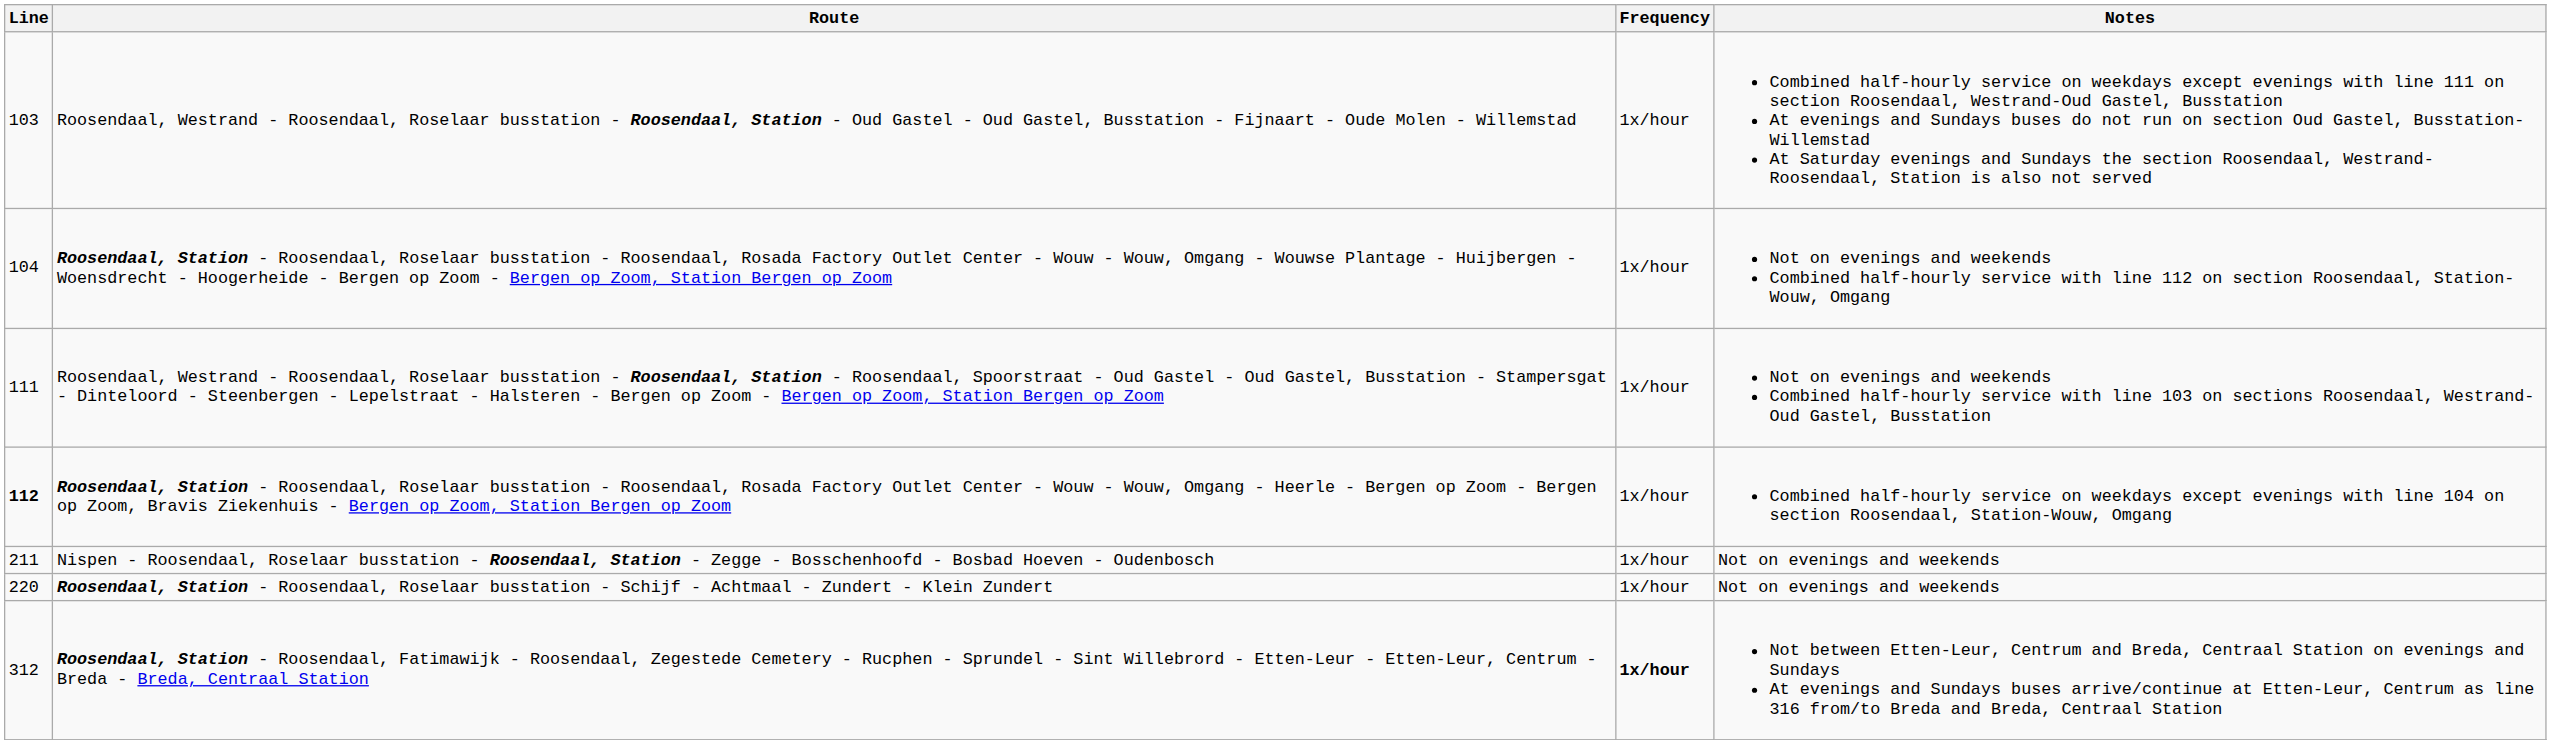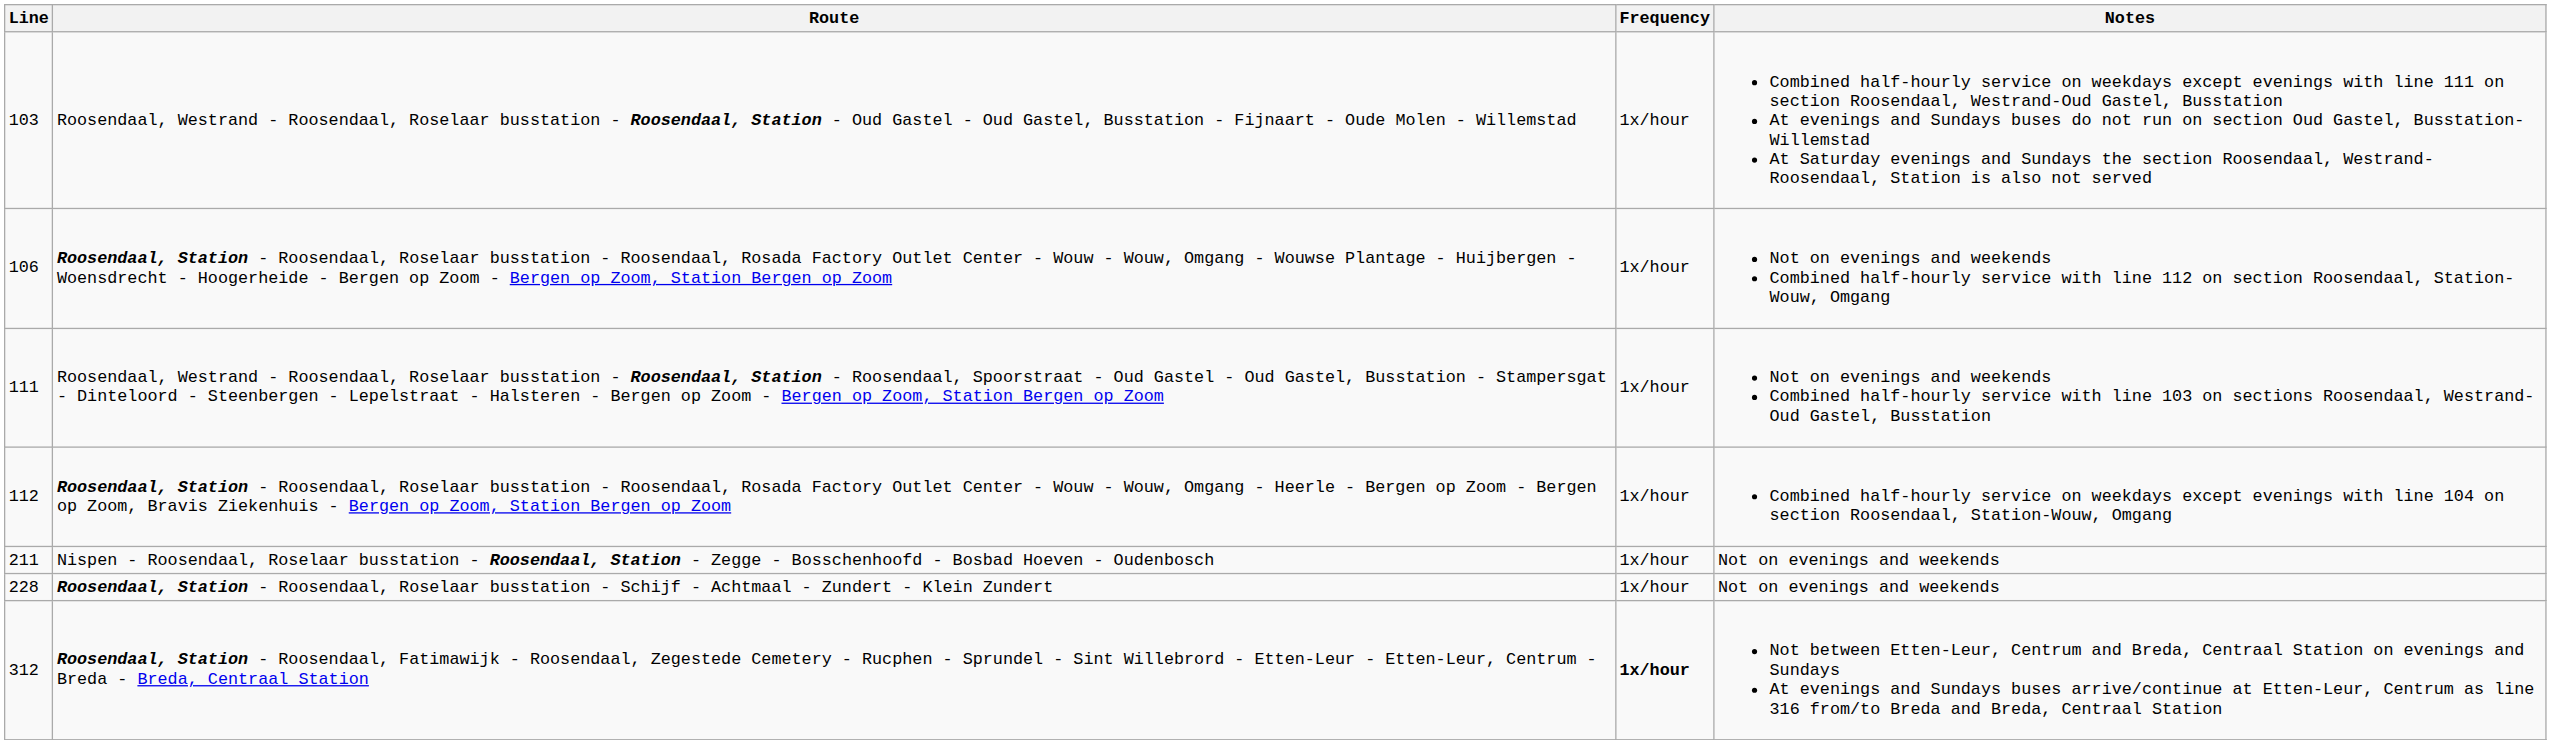 <table class="wikitable vatop">
 <tr>
 <th>Line</th>
 <th>Route</th>
 <th>Frequency</th>
 <th>Notes</th>
 </tr>
 <tr>
 <td>103</td>
 <td>Roosendaal, Westrand - Roosendaal, Roselaar busstation - <strong><em>Roosendaal, Station</em></strong> - Oud Gastel - Oud Gastel, Busstation - Fijnaart - Oude Molen - Willemstad</td>
 <td>1x/hour</td>
 <td><br><ul><li>Combined half-hourly service on weekdays except evenings with line 111 on section Roosendaal, Westrand-Oud Gastel, Busstation</li><li>At evenings and Sundays buses do not run on section Oud Gastel, Busstation-Willemstad</li><li>At Saturday evenings and Sundays the section Roosendaal, Westrand-Roosendaal, Station is also not served</li></ul></td>
 </tr>
 <tr>
-<td>104</td>
+<td>106</td>
 <td><strong><em>Roosendaal, Station</em></strong> - Roosendaal, Roselaar busstation - Roosendaal, Rosada Factory Outlet Center - Wouw - Wouw, Omgang - Wouwse Plantage - Huijbergen - Woensdrecht - Hoogerheide - Bergen op Zoom - <a href='#'>Bergen op Zoom, Station Bergen op Zoom</a></td>
 <td>1x/hour</td>
 <td><br><ul><li>Not on evenings and weekends</li><li>Combined half-hourly service with line 112 on section Roosendaal, Station-Wouw, Omgang</li></ul></td>
 </tr>
 <tr>
 <td>111</td>
 <td>Roosendaal, Westrand - Roosendaal, Roselaar busstation - <strong><em>Roosendaal, Station</em></strong> - Roosendaal, Spoorstraat - Oud Gastel - Oud Gastel, Busstation - Stampersgat - Dinteloord - Steenbergen - Lepelstraat - Halsteren - Bergen op Zoom - <a href='#'>Bergen op Zoom, Station Bergen op Zoom</a></td>
 <td>1x/hour</td>
 <td><br><ul><li>Not on evenings and weekends</li><li>Combined half-hourly service with line 103 on sections Roosendaal, Westrand-Oud Gastel, Busstation</li></ul></td>
 </tr>
 <tr>
-<td><strong>112</strong></td>
+<td>112</td>
 <td><strong><em>Roosendaal, Station</em></strong> - Roosendaal, Roselaar busstation - Roosendaal, Rosada Factory Outlet Center - Wouw - Wouw, Omgang - Heerle - Bergen op Zoom - Bergen op Zoom, Bravis Ziekenhuis - <a href='#'>Bergen op Zoom, Station Bergen op Zoom</a></td>
 <td>1x/hour</td>
 <td><br><ul><li>Combined half-hourly service on weekdays except evenings with line 104 on section Roosendaal, Station-Wouw, Omgang</li></ul></td>
 </tr>
 <tr>
 <td>211</td>
 <td>Nispen - Roosendaal, Roselaar busstation - <strong><em>Roosendaal, Station</em></strong> - Zegge - Bosschenhoofd - Bosbad Hoeven - Oudenbosch</td>
 <td>1x/hour</td>
 <td>Not on evenings and weekends</td>
 </tr>
 <tr>
-<td>220</td>
+<td>228</td>
 <td><strong><em>Roosendaal, Station</em></strong> - Roosendaal, Roselaar busstation - Schijf - Achtmaal - Zundert - Klein Zundert</td>
 <td>1x/hour</td>
 <td>Not on evenings and weekends</td>
 </tr>
 <tr>
 <td>312</td>
 <td><strong><em>Roosendaal, Station</em></strong> - Roosendaal, Fatimawijk - Roosendaal, Zegestede Cemetery - Rucphen - Sprundel - Sint Willebrord - Etten-Leur - Etten-Leur, Centrum - Breda - <a href='#'>Breda, Centraal Station</a></td>
 <td><strong>1x/hour</strong></td>
 <td><br><ul><li>Not between Etten-Leur, Centrum and Breda, Centraal Station on evenings and Sundays</li><li>At evenings and Sundays buses arrive/continue at Etten-Leur, Centrum as line 316 from/to Breda and Breda, Centraal Station</li></ul></td>
 </tr>
 <tr>
 </tr>
 </table>
